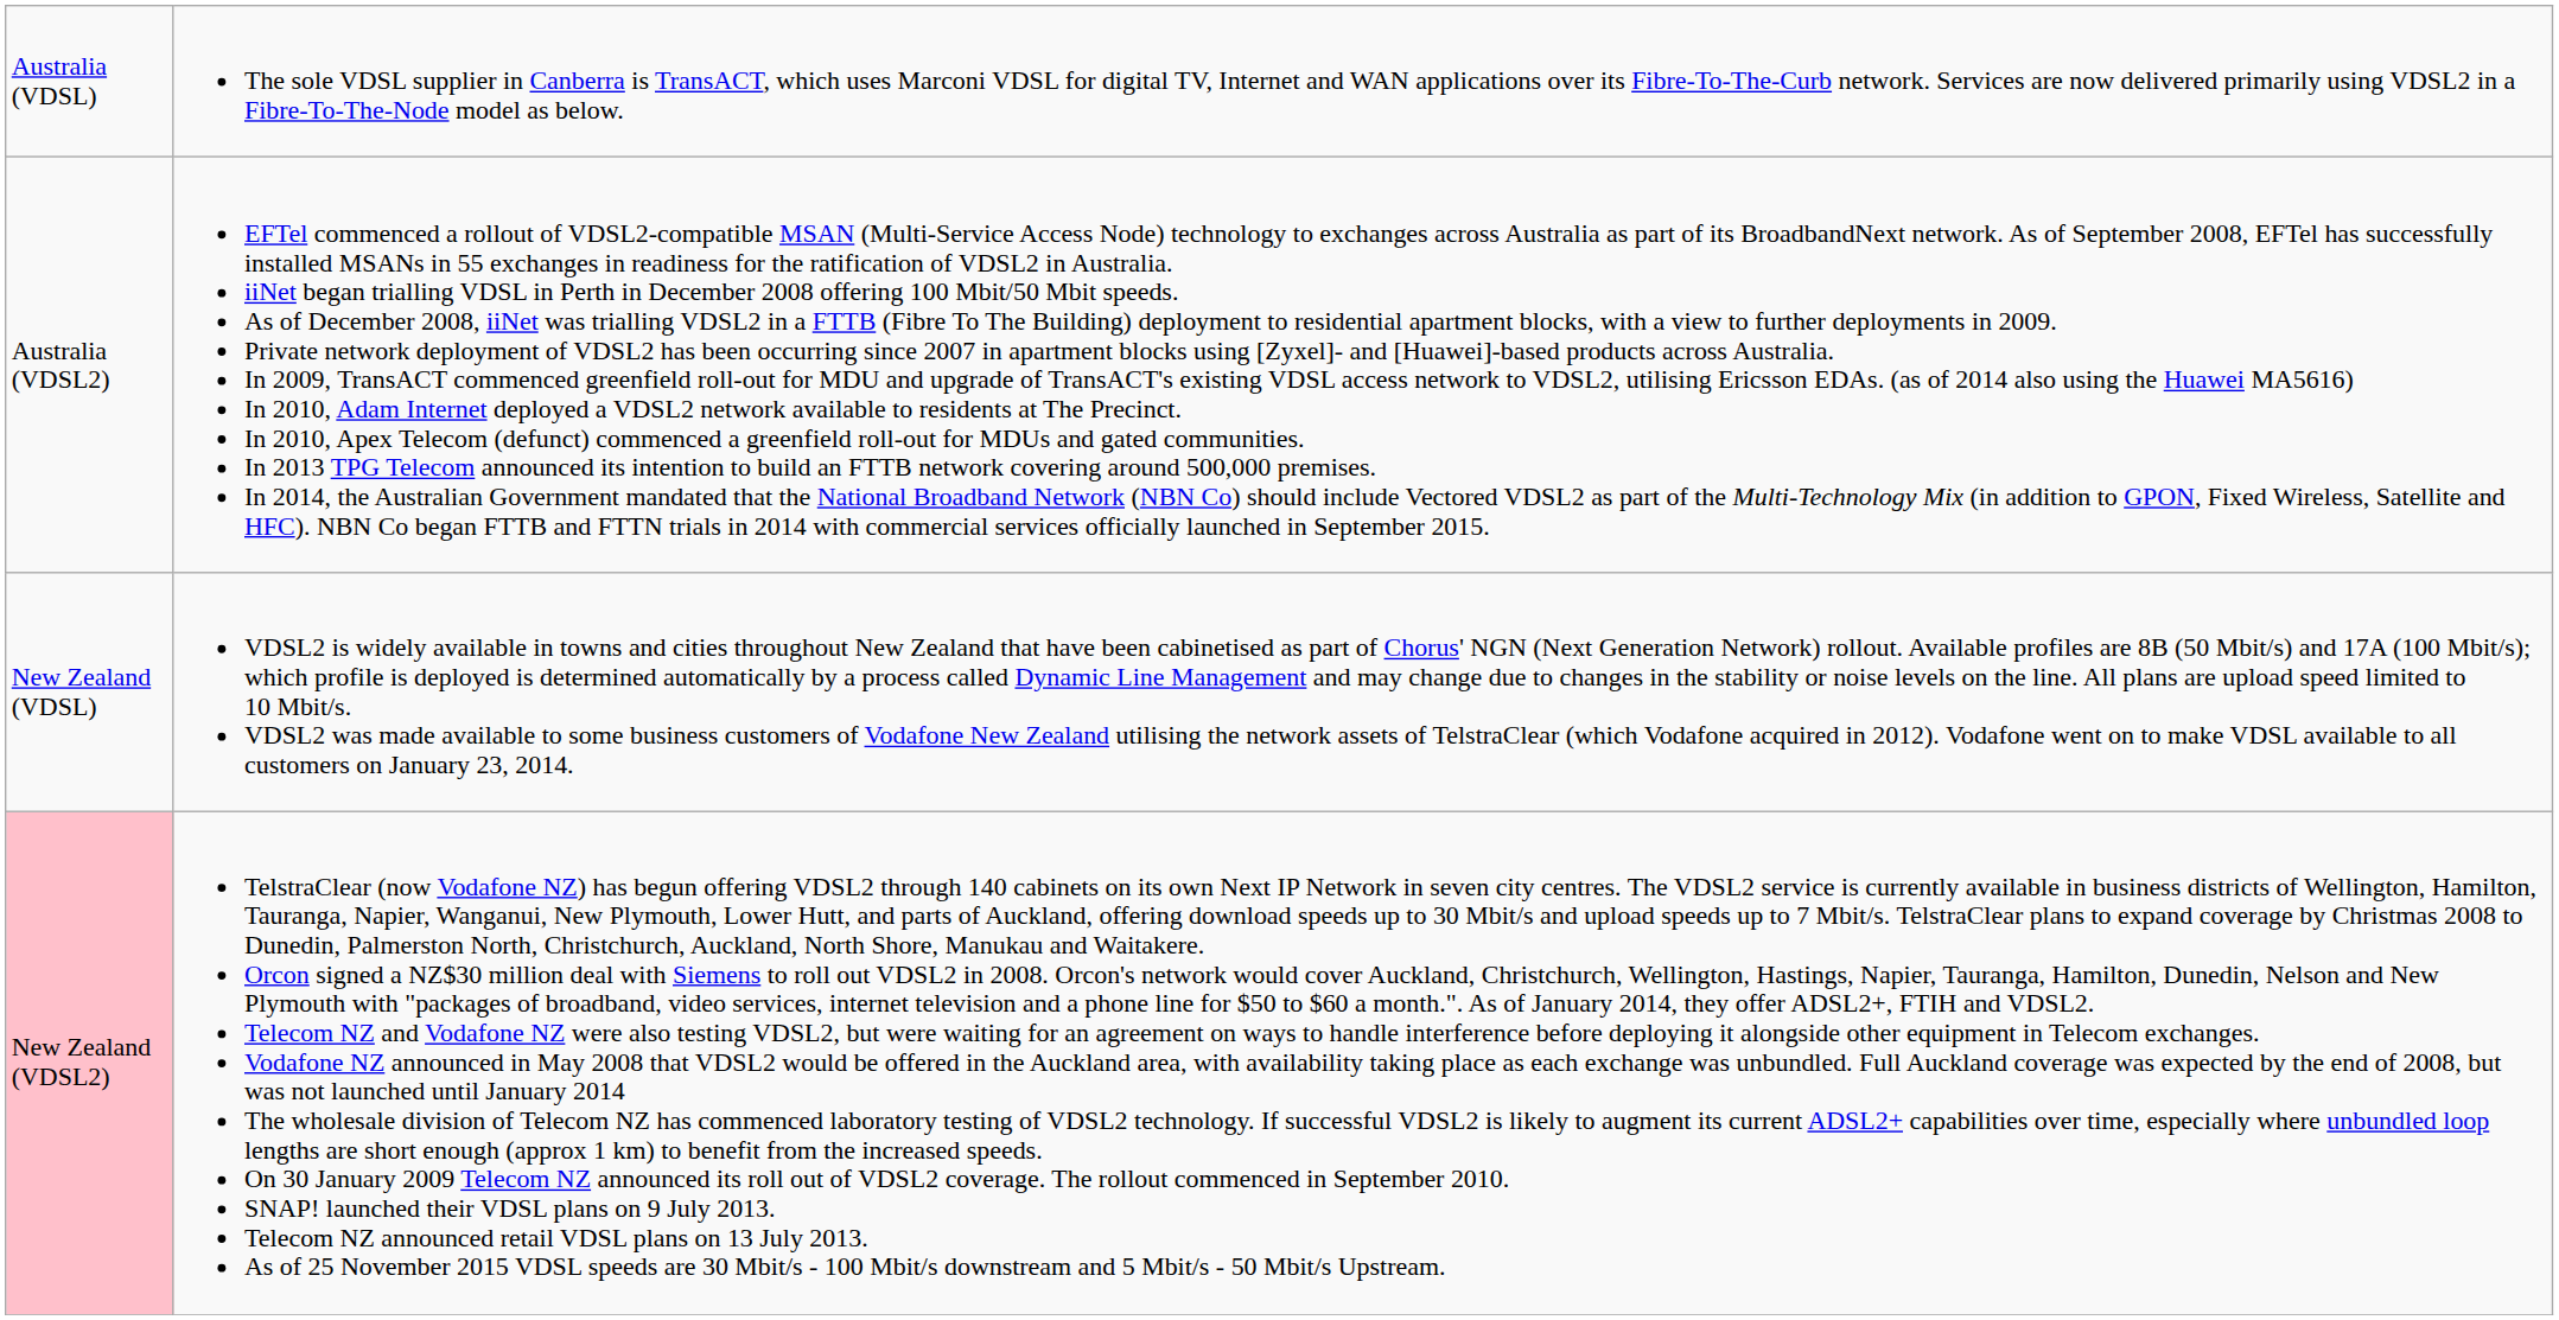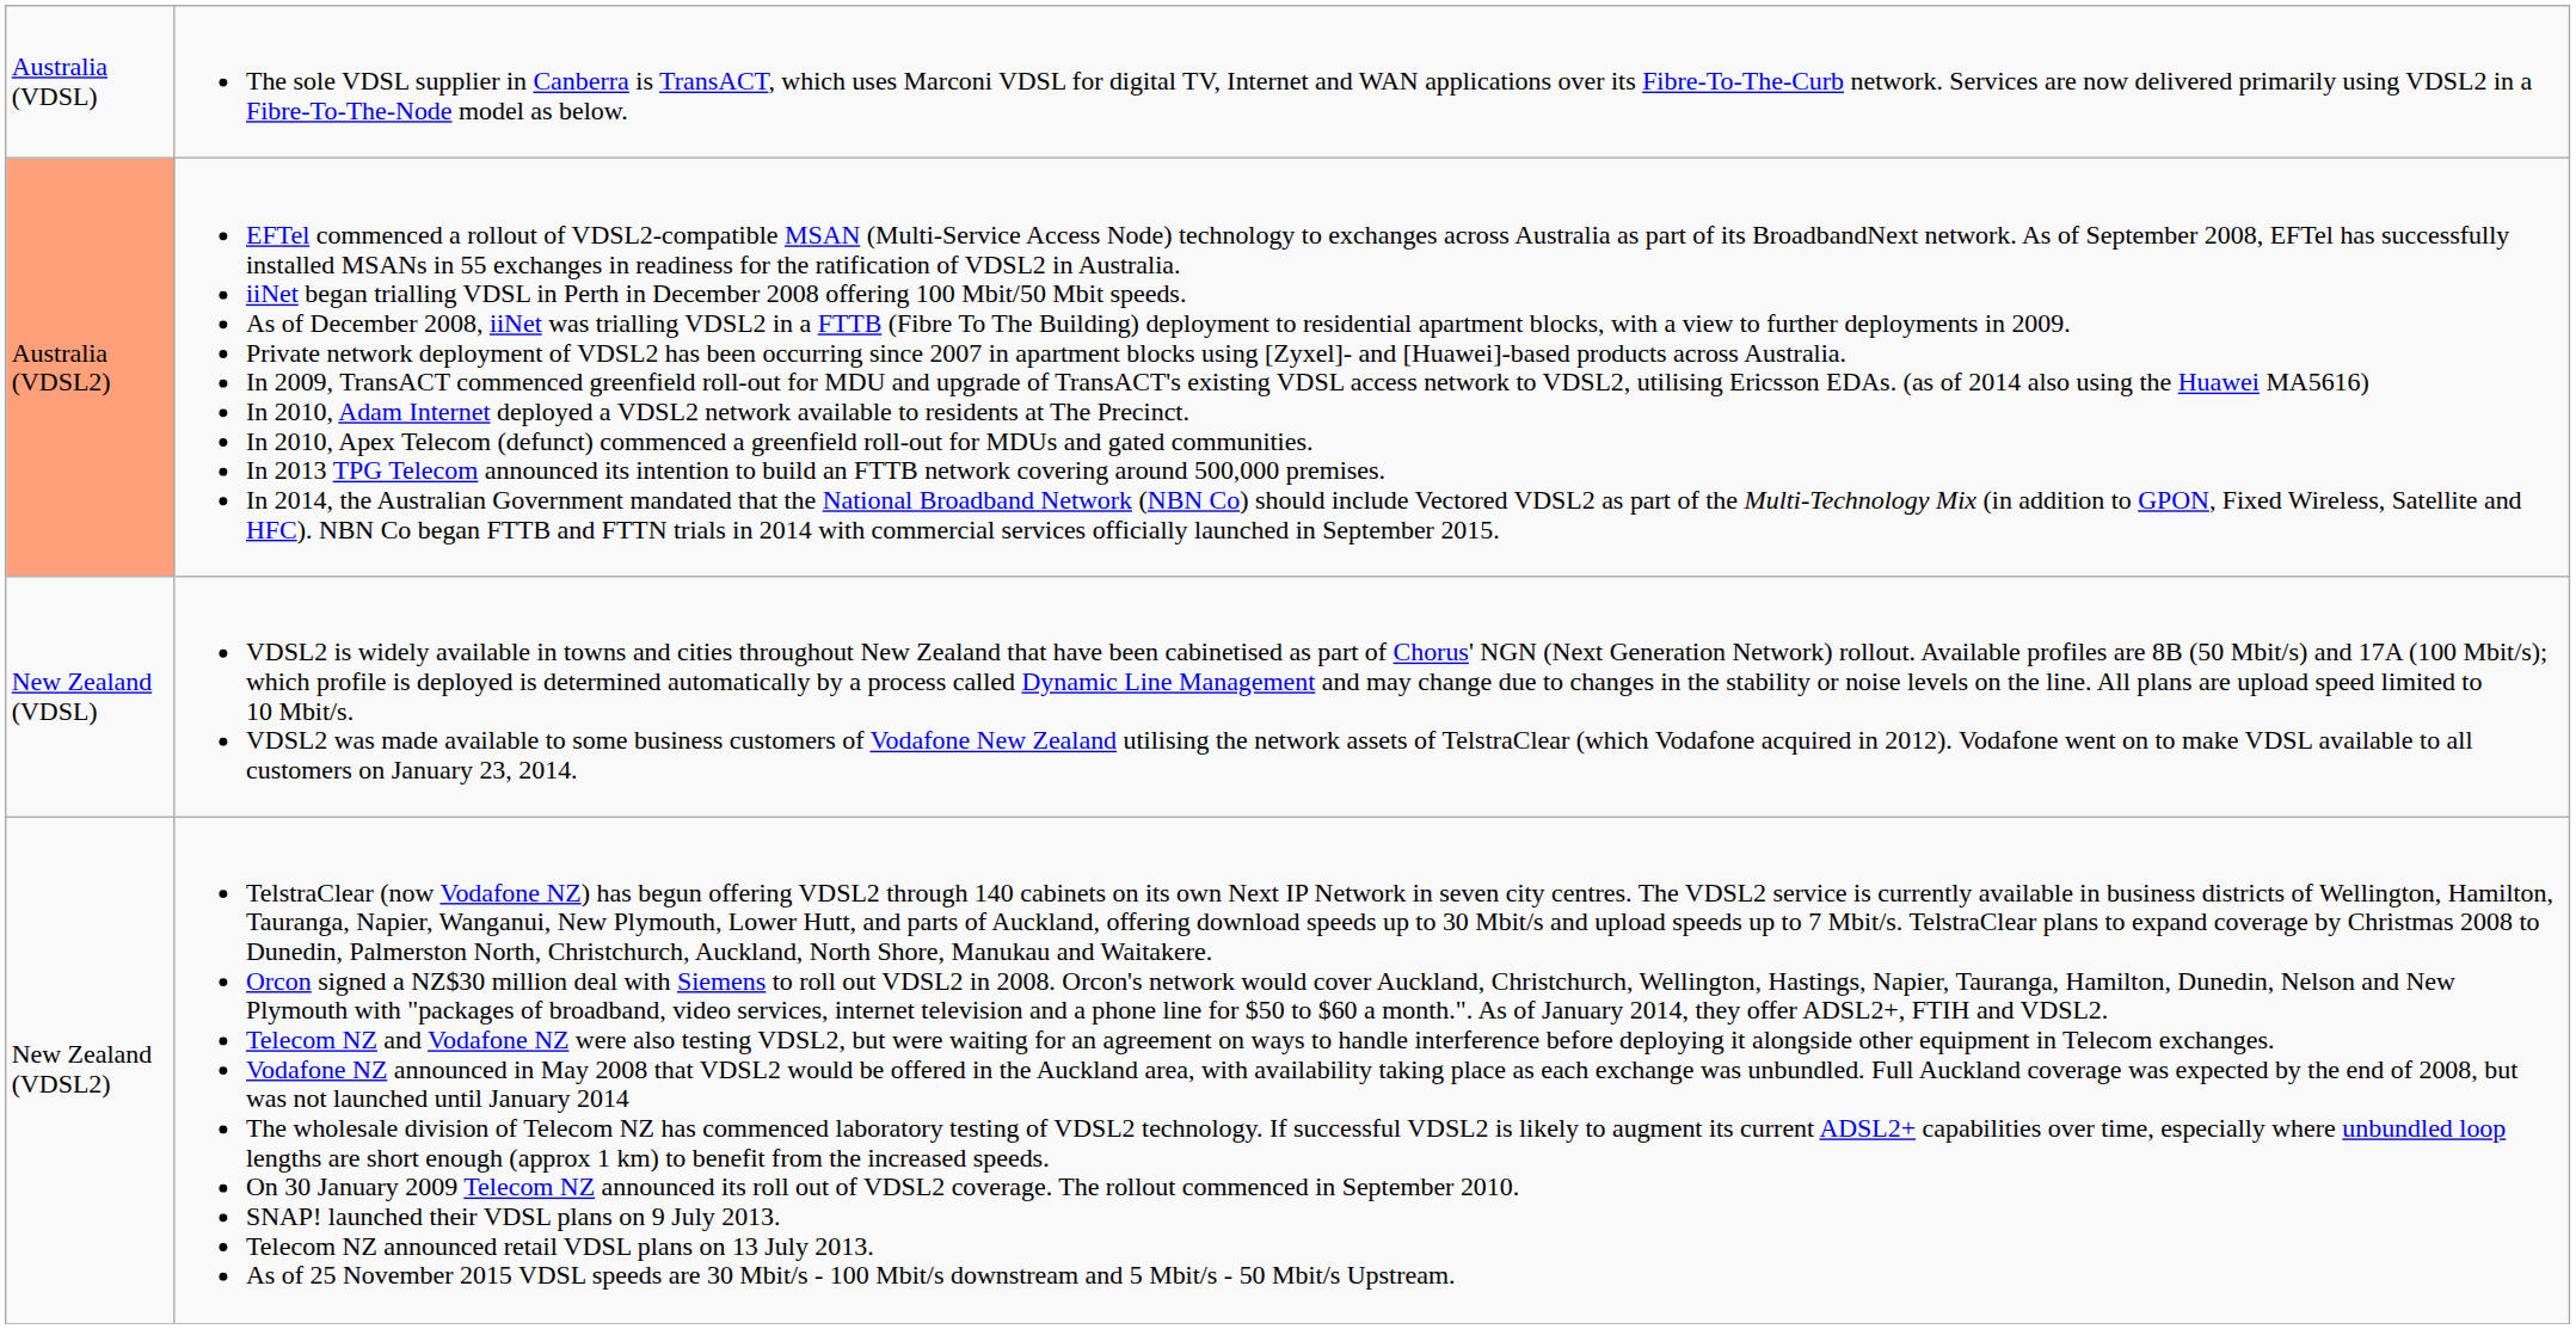 <table class="wikitable">
 <tr>
 <td><a href='#'>Australia</a> (VDSL)</td>
 <td><br><ul><li>The sole VDSL supplier in <a href='#'>Canberra</a> is <a href='#'>TransACT</a>, which uses Marconi VDSL for digital TV, Internet and WAN applications over its <a href='#'>Fibre-To-The-Curb</a> network. Services are now delivered primarily using VDSL2 in a <a href='#'>Fibre-To-The-Node</a> model as below.</li></ul></td>
 </tr>
 <tr>
-<td>Australia (VDSL2)</td>
+<td style="background: lightsalmon;">Australia (VDSL2)</td>
 <td><br><ul><li><a href='#'>EFTel</a> commenced a rollout of VDSL2-compatible <a href='#'>MSAN</a> (Multi-Service Access Node) technology to exchanges across Australia as part of its BroadbandNext network. As of September 2008, EFTel has successfully installed MSANs in 55 exchanges in readiness for the ratification of VDSL2 in Australia.</li><li><a href='#'>iiNet</a> began trialling VDSL in Perth in December 2008 offering 100 Mbit/50 Mbit speeds.</li><li>As of December 2008, <a href='#'>iiNet</a> was trialling VDSL2 in a <a href='#'>FTTB</a> (Fibre To The Building) deployment to residential apartment blocks, with a view to further deployments in 2009.</li><li>Private network deployment of VDSL2 has been occurring since 2007 in apartment blocks using [Zyxel]- and [Huawei]-based products across Australia.</li><li>In 2009, TransACT commenced greenfield roll-out for MDU and upgrade of TransACT's existing VDSL access network to VDSL2, utilising Ericsson EDAs. (as of 2014 also using the <a href='#'>Huawei</a> MA5616)</li><li>In 2010, <a href='#'>Adam Internet</a> deployed a VDSL2 network available to residents at The Precinct.</li><li>In 2010, Apex Telecom (defunct) commenced a greenfield roll-out for MDUs and gated communities.</li><li>In 2013 <a href='#'>TPG Telecom</a> announced its intention to build an FTTB network covering around 500,000 premises.</li><li>In 2014, the Australian Government mandated that the <a href='#'>National Broadband Network</a> (<a href='#'>NBN Co</a>) should include Vectored VDSL2 as part of the <em>Multi-Technology Mix</em> (in addition to <a href='#'>GPON</a>, Fixed Wireless, Satellite and <a href='#'>HFC</a>). NBN Co began FTTB and FTTN trials in 2014 with commercial services officially launched in September 2015.</li></ul></td>
 </tr>
 <tr>
 <td><a href='#'>New Zealand</a> (VDSL)</td>
 <td><br><ul><li>VDSL2 is widely available in towns and cities throughout New Zealand that have been cabinetised as part of <a href='#'>Chorus</a>' NGN (Next Generation Network) rollout. Available profiles are 8B (50 Mbit/s) and 17A (100 Mbit/s); which profile is deployed is determined automatically by a process called <a href='#'>Dynamic Line Management</a> and may change due to changes in the stability or noise levels on the line. All plans are upload speed limited to 10 Mbit/s.</li><li>VDSL2 was made available to some business customers of <a href='#'>Vodafone New Zealand</a> utilising the network assets of TelstraClear (which Vodafone acquired in 2012). Vodafone went on to make VDSL available to all customers on January 23, 2014.</li></ul></td>
 </tr>
 <tr>
-<td style="background: pink;">New Zealand (VDSL2)</td>
+<td>New Zealand (VDSL2)</td>
 <td><br><ul><li>TelstraClear (now <a href='#'>Vodafone NZ</a>) has begun offering VDSL2 through 140 cabinets on its own Next IP Network in seven city centres. The VDSL2 service is currently available in business districts of Wellington, Hamilton, Tauranga, Napier, Wanganui, New Plymouth, Lower Hutt, and parts of Auckland, offering download speeds up to 30 Mbit/s and upload speeds up to 7 Mbit/s. TelstraClear plans to expand coverage by Christmas 2008 to Dunedin, Palmerston North, Christchurch, Auckland, North Shore, Manukau and Waitakere.</li><li><a href='#'>Orcon</a> signed a NZ$30 million deal with <a href='#'>Siemens</a> to roll out VDSL2 in 2008. Orcon's network would cover Auckland, Christchurch, Wellington, Hastings, Napier, Tauranga, Hamilton, Dunedin, Nelson and New Plymouth with "packages of broadband, video services, internet television and a phone line for $50 to $60 a month.". As of January 2014, they offer ADSL2+, FTIH and VDSL2.</li><li><a href='#'>Telecom NZ</a> and <a href='#'>Vodafone NZ</a> were also testing VDSL2, but were waiting for an agreement on ways to handle interference before deploying it alongside other equipment in Telecom exchanges.</li><li><a href='#'>Vodafone NZ</a> announced in May 2008 that VDSL2 would be offered in the Auckland area, with availability taking place as each exchange was unbundled. Full Auckland coverage was expected by the end of 2008, but was not launched until January 2014</li><li>The wholesale division of Telecom NZ has commenced laboratory testing of VDSL2 technology. If successful VDSL2 is likely to augment its current <a href='#'>ADSL2+</a> capabilities over time, especially where <a href='#'>unbundled loop</a> lengths are short enough (approx 1 km) to benefit from the increased speeds.</li><li>On 30 January 2009 <a href='#'>Telecom NZ</a> announced its roll out of VDSL2 coverage. The rollout commenced in September 2010.</li><li>SNAP! launched their VDSL plans on 9 July 2013.</li><li>Telecom NZ announced retail VDSL plans on 13 July 2013.</li><li>As of 25 November 2015 VDSL speeds are 30 Mbit/s - 100 Mbit/s downstream and 5 Mbit/s - 50 Mbit/s Upstream.</li></ul></td>
 </tr>
 </table>
